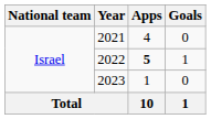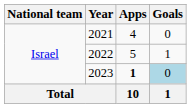 <table class="wikitable" style="text-align:center">
 <tr>
 <th>National team</th>
 <th>Year</th>
 <th>Apps</th>
 <th>Goals</th>
 </tr>
 <tr>
 <td rowspan=3><a href='#'>Israel</a></td>
 <td>2021</td>
 <td>4</td>
 <td>0</td>
 </tr>
 <tr>
 <td>2022</td>
-<td><strong>5</strong></td>
+<td>5</td>
 <td>1</td>
 </tr>
 <tr>
 <td>2023</td>
-<td>1</td>
-<td>0</td>
+<td><strong>1</strong></td>
+<td style="background: lightblue;">0</td>
 </tr>
 <tr>
 <th colspan=2>Total</th>
 <th>10</th>
 <th>1</th>
 </tr>
 </table>
